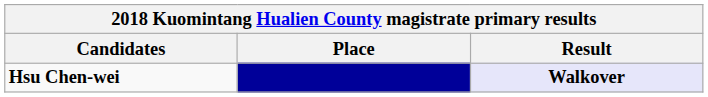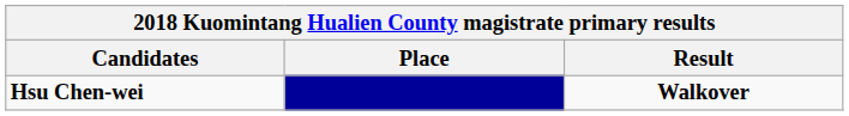 <table class="wikitable collapsible" style="margin: 1em auto;">
 <tr>
 <th colspan="6" width=600>2018 Kuomintang <a href='#'>Hualien County</a> magistrate primary results</th>
 </tr>
 <tr>
 <th width=80>Candidates</th>
 <th width=80>Place</th>
 <th width=80>Result</th>
 </tr>
 <tr>
 <td><strong>Hsu Chen-wei</strong></td>
 <td style="background: #000099; text-align:center"><strong></strong></td>
-<td style="background: lavender; text-align:center"><strong>Walkover</strong></td>
+<td style="text-align:center"><strong>Walkover</strong></td>
 </tr>
 </table>
